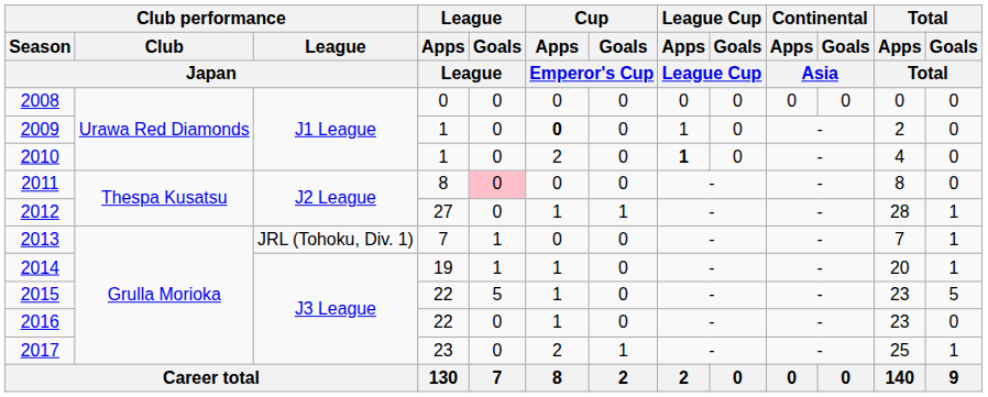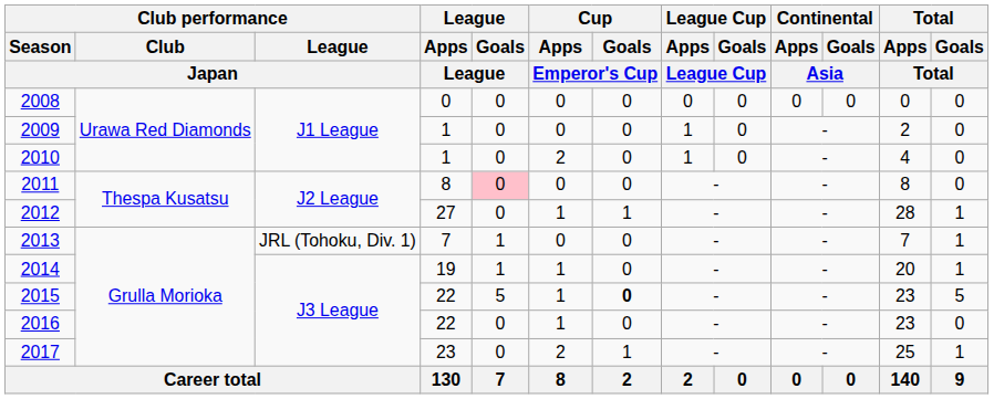 <table class="wikitable" style="text-align:center">
 <tr>
 <th colspan=3>Club performance</th>
 <th colspan=2>League</th>
 <th colspan=2>Cup</th>
 <th colspan=2>League Cup</th>
 <th colspan=2>Continental</th>
 <th colspan=2>Total</th>
 </tr>
 <tr>
 <th>Season</th>
 <th>Club</th>
 <th>League</th>
 <th>Apps</th>
 <th>Goals</th>
 <th>Apps</th>
 <th>Goals</th>
 <th>Apps</th>
 <th>Goals</th>
 <th>Apps</th>
 <th>Goals</th>
 <th>Apps</th>
 <th>Goals</th>
 </tr>
 <tr>
 <th colspan=3>Japan</th>
 <th colspan=2>League</th>
 <th colspan=2><a href='#'>Emperor's Cup</a></th>
 <th colspan=2><a href='#'>League Cup</a></th>
 <th colspan=2><a href='#'>Asia</a></th>
 <th colspan=2>Total</th>
 </tr>
 <tr>
 <td><a href='#'>2008</a></td>
 <td rowspan="3"><a href='#'>Urawa Red Diamonds</a></td>
 <td rowspan="3"><a href='#'>J1 League</a></td>
 <td>0</td>
 <td>0</td>
 <td>0</td>
 <td>0</td>
 <td>0</td>
 <td>0</td>
 <td>0</td>
 <td>0</td>
 <td>0</td>
 <td>0</td>
 </tr>
 <tr>
 <td><a href='#'>2009</a></td>
 <td>1</td>
 <td>0</td>
-<td><strong>0</strong></td>
+<td>0</td>
 <td>0</td>
 <td>1</td>
 <td>0</td>
 <td colspan="2">-</td>
 <td>2</td>
 <td>0</td>
 </tr>
 <tr>
 <td><a href='#'>2010</a></td>
 <td>1</td>
 <td>0</td>
 <td>2</td>
 <td>0</td>
-<td><strong>1</strong></td>
+<td>1</td>
 <td>0</td>
 <td colspan="2">-</td>
 <td>4</td>
 <td>0</td>
 </tr>
 <tr>
 <td><a href='#'>2011</a></td>
 <td rowspan="2"><a href='#'>Thespa Kusatsu</a></td>
 <td rowspan="2"><a href='#'>J2 League</a></td>
 <td>8</td>
 <td style="background: pink;">0</td>
 <td>0</td>
 <td>0</td>
 <td colspan="2">-</td>
 <td colspan="2">-</td>
 <td>8</td>
 <td>0</td>
 </tr>
 <tr>
 <td><a href='#'>2012</a></td>
 <td>27</td>
 <td>0</td>
 <td>1</td>
 <td>1</td>
 <td colspan="2">-</td>
 <td colspan="2">-</td>
 <td>28</td>
 <td>1</td>
 </tr>
 <tr>
 <td><a href='#'>2013</a></td>
 <td rowspan="5"><a href='#'>Grulla Morioka</a></td>
 <td>JRL (Tohoku, Div. 1)</td>
 <td>7</td>
 <td>1</td>
 <td>0</td>
 <td>0</td>
 <td colspan="2">-</td>
 <td colspan="2">-</td>
 <td>7</td>
 <td>1</td>
 </tr>
 <tr>
 <td><a href='#'>2014</a></td>
 <td rowspan="4"><a href='#'>J3 League</a></td>
 <td>19</td>
 <td>1</td>
 <td>1</td>
 <td>0</td>
 <td colspan="2">-</td>
 <td colspan="2">-</td>
 <td>20</td>
 <td>1</td>
 </tr>
 <tr>
 <td><a href='#'>2015</a></td>
 <td>22</td>
 <td>5</td>
 <td>1</td>
-<td>0</td>
+<td><strong>0</strong></td>
 <td colspan="2">-</td>
 <td colspan="2">-</td>
 <td>23</td>
 <td>5</td>
 </tr>
 <tr>
 <td><a href='#'>2016</a></td>
 <td>22</td>
 <td>0</td>
 <td>1</td>
 <td>0</td>
 <td colspan="2">-</td>
 <td colspan="2">-</td>
 <td>23</td>
 <td>0</td>
 </tr>
 <tr>
 <td><a href='#'>2017</a></td>
 <td>23</td>
 <td>0</td>
 <td>2</td>
 <td>1</td>
 <td colspan="2">-</td>
 <td colspan="2">-</td>
 <td>25</td>
 <td>1</td>
 </tr>
 <tr>
 <th colspan=3>Career total</th>
 <th>130</th>
 <th>7</th>
 <th>8</th>
 <th>2</th>
 <th>2</th>
 <th>0</th>
 <th>0</th>
 <th>0</th>
 <th>140</th>
 <th>9</th>
 </tr>
 </table>
